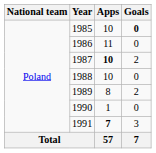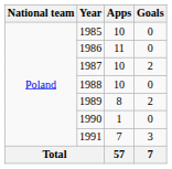 <table class="wikitable" style="text-align:center">
 <tr>
 <th>National team</th>
 <th>Year</th>
 <th>Apps</th>
 <th>Goals</th>
 </tr>
 <tr>
 <td rowspan="7"><a href='#'>Poland</a></td>
 <td>1985</td>
 <td>10</td>
-<td><strong>0</strong></td>
+<td>0</td>
 </tr>
 <tr>
 <td>1986</td>
 <td>11</td>
 <td>0</td>
 </tr>
 <tr>
 <td>1987</td>
-<td><strong>10</strong></td>
+<td>10</td>
 <td>2</td>
 </tr>
 <tr>
 <td>1988</td>
 <td>10</td>
 <td>0</td>
 </tr>
 <tr>
 <td>1989</td>
 <td>8</td>
 <td>2</td>
 </tr>
 <tr>
 <td>1990</td>
 <td>1</td>
 <td>0</td>
 </tr>
 <tr>
 <td>1991</td>
-<td><strong>7</strong></td>
+<td>7</td>
 <td>3</td>
 </tr>
 <tr>
 <th colspan="2">Total</th>
 <th>57</th>
 <th>7</th>
 </tr>
 </table>
